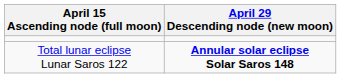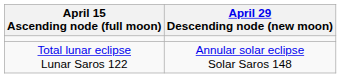 <table class="wikitable">
 <tr>
 <th>April 15<br>Ascending node (full moon)<br></th>
 <th><a href='#'>April 29</a><br>Descending node (new moon)<br></th>
 </tr>
 <tr>
 <td></td>
 <td></td>
 </tr>
 <tr align=center>
 <td><a href='#'>Total lunar eclipse</a><br>Lunar Saros 122</td>
-<td><strong><a href='#'>Annular solar eclipse</a><br>Solar Saros 148</strong></td>
+<td><a href='#'>Annular solar eclipse</a><br>Solar Saros 148</td>
 </tr>
 </table>
